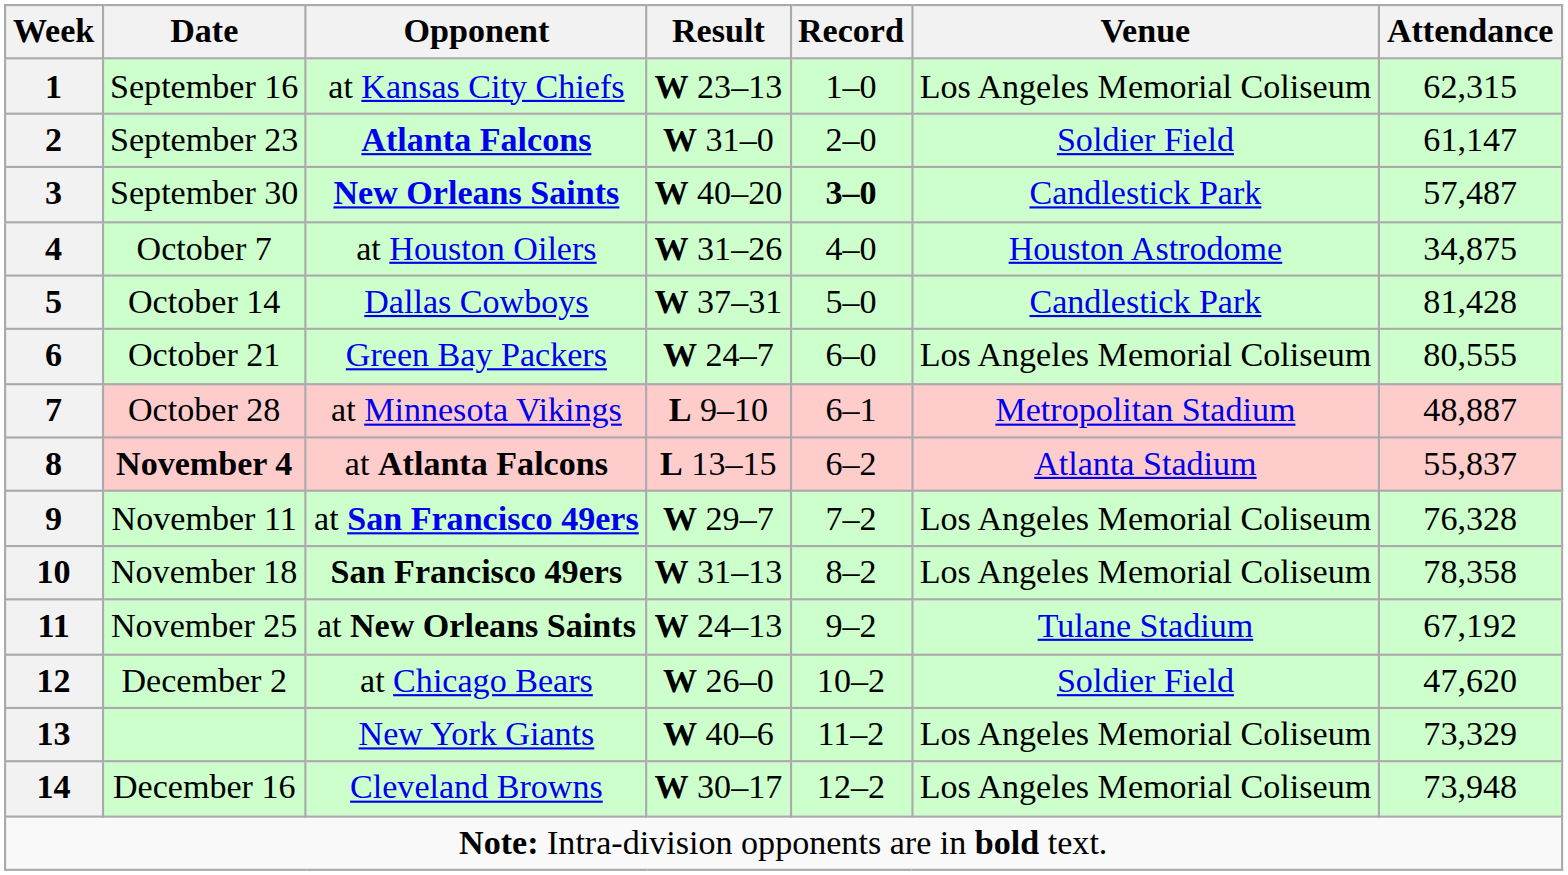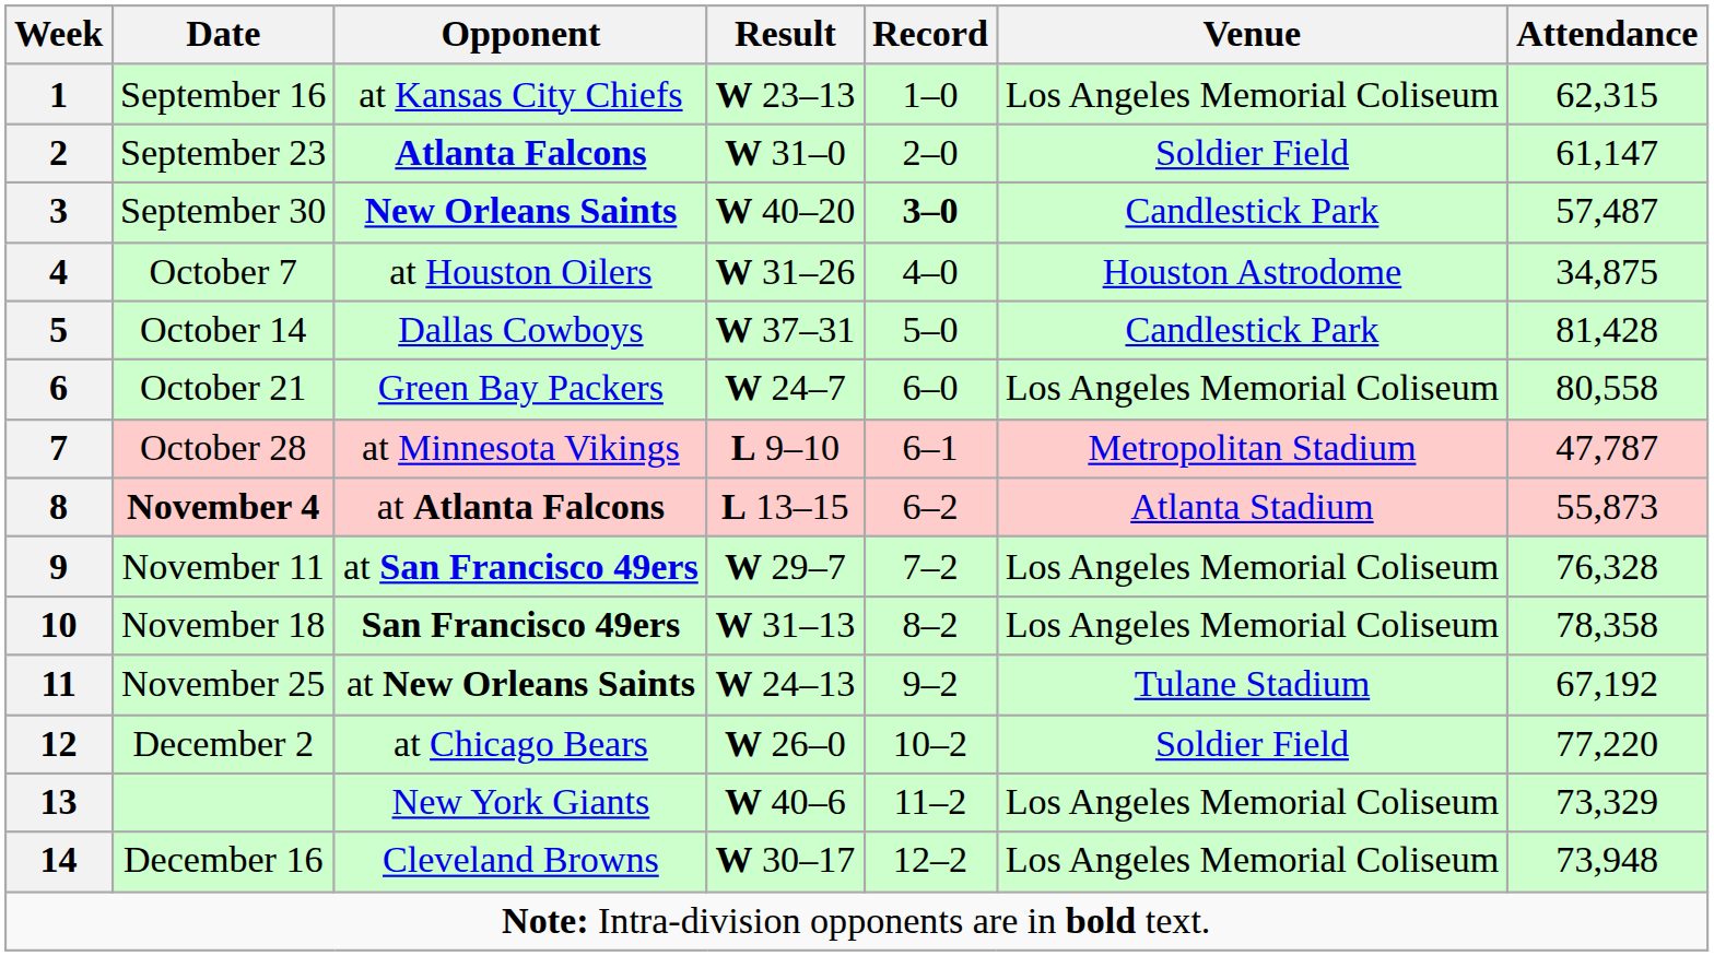 <table class="wikitable" style="text-align:center">
 <tr>
 <th>Week</th>
 <th>Date</th>
 <th>Opponent</th>
 <th>Result</th>
 <th>Record</th>
 <th>Venue</th>
 <th>Attendance</th>
 </tr>
 <tr style="background:#cfc">
 <th>1</th>
 <td>September 16</td>
 <td>at <a href='#'>Kansas City Chiefs</a></td>
 <td><strong>W</strong> 23–13</td>
 <td>1–0</td>
 <td>Los Angeles Memorial Coliseum</td>
 <td>62,315</td>
 </tr>
 <tr style="background:#cfc">
 <th>2</th>
 <td>September 23</td>
 <td><strong><a href='#'>Atlanta Falcons</a></strong></td>
 <td><strong>W</strong> 31–0</td>
 <td>2–0</td>
 <td><a href='#'>Soldier Field</a></td>
 <td>61,147</td>
 </tr>
 <tr style="background:#cfc">
 <th>3</th>
 <td>September 30</td>
 <td><strong><a href='#'>New Orleans Saints</a></strong></td>
 <td><strong>W</strong> 40–20</td>
 <td><strong>3–0</strong></td>
 <td><a href='#'>Candlestick Park</a></td>
 <td>57,487</td>
 </tr>
 <tr style="background:#cfc">
 <th>4</th>
 <td>October 7</td>
 <td>at <a href='#'>Houston Oilers</a></td>
 <td><strong>W</strong> 31–26</td>
 <td>4–0</td>
 <td><a href='#'>Houston Astrodome</a></td>
 <td>34,875</td>
 </tr>
 <tr style="background:#cfc">
 <th>5</th>
 <td>October 14</td>
 <td><a href='#'>Dallas Cowboys</a></td>
 <td><strong>W</strong> 37–31</td>
 <td>5–0</td>
 <td><a href='#'>Candlestick Park</a></td>
 <td>81,428</td>
 </tr>
 <tr style="background:#cfc">
 <th>6</th>
 <td>October 21</td>
 <td><a href='#'>Green Bay Packers</a></td>
 <td><strong>W</strong> 24–7</td>
 <td>6–0</td>
 <td>Los Angeles Memorial Coliseum</td>
-<td>80,555</td>
+<td>80,558</td>
 </tr>
 <tr style="background:#fcc">
 <th>7</th>
 <td>October 28</td>
 <td>at <a href='#'>Minnesota Vikings</a></td>
 <td><strong>L</strong> 9–10</td>
 <td>6–1</td>
 <td><a href='#'>Metropolitan Stadium</a></td>
-<td>48,887</td>
+<td>47,787</td>
 </tr>
 <tr style="background:#fcc">
 <th>8</th>
 <td><strong>November 4</strong></td>
 <td>at <strong>Atlanta Falcons</strong></td>
 <td><strong>L</strong> 13–15</td>
 <td>6–2</td>
 <td><a href='#'>Atlanta Stadium</a></td>
-<td>55,837</td>
+<td>55,873</td>
 </tr>
 <tr style="background:#cfc">
 <th>9</th>
 <td>November 11</td>
 <td>at <strong><a href='#'>San Francisco 49ers</a></strong></td>
 <td><strong>W</strong> 29–7</td>
 <td>7–2</td>
 <td>Los Angeles Memorial Coliseum</td>
 <td>76,328</td>
 </tr>
 <tr style="background:#cfc">
 <th>10</th>
 <td>November 18</td>
 <td><strong>San Francisco 49ers</strong></td>
 <td><strong>W</strong> 31–13</td>
 <td>8–2</td>
 <td>Los Angeles Memorial Coliseum</td>
 <td>78,358</td>
 </tr>
 <tr style="background:#cfc">
 <th>11</th>
 <td>November 25</td>
 <td>at <strong>New Orleans Saints</strong></td>
 <td><strong>W</strong> 24–13</td>
 <td>9–2</td>
 <td><a href='#'>Tulane Stadium</a></td>
 <td>67,192</td>
 </tr>
 <tr style="background:#cfc">
 <th>12</th>
 <td>December 2</td>
 <td>at <a href='#'>Chicago Bears</a></td>
 <td><strong>W</strong> 26–0</td>
 <td>10–2</td>
 <td><a href='#'>Soldier Field</a></td>
-<td>47,620</td>
+<td>77,220</td>
 </tr>
 <tr style="background:#cfc">
 <th>13</th>
 <td></td>
 <td><a href='#'>New York Giants</a></td>
 <td><strong>W</strong> 40–6</td>
 <td>11–2</td>
 <td>Los Angeles Memorial Coliseum</td>
 <td>73,329</td>
 </tr>
 <tr style="background:#cfc">
 <th>14</th>
 <td>December 16</td>
 <td><a href='#'>Cleveland Browns</a></td>
 <td><strong>W</strong> 30–17</td>
 <td>12–2</td>
 <td>Los Angeles Memorial Coliseum</td>
 <td>73,948</td>
 </tr>
 <tr>
 <td colspan="8"><strong>Note:</strong> Intra-division opponents are in <strong>bold</strong> text.</td>
 </tr>
 </table>
